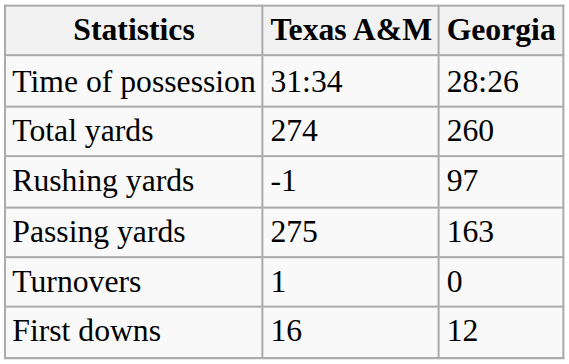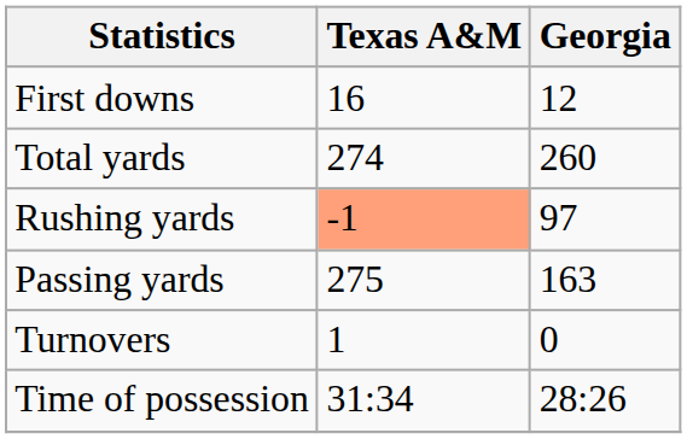 <table class="wikitable" style="float: left;">
 <tr>
 <th>Statistics</th>
 <th>Texas A&M</th>
 <th>Georgia</th>
 </tr>
 <tr>
-<td>Time of possession</td>
-<td>31:34</td>
-<td>28:26</td>
+<td>First downs</td>
+<td>16</td>
+<td>12</td>
 </tr>
 <tr>
 <td>Total yards</td>
 <td>274</td>
 <td>260</td>
 </tr>
 <tr>
 <td>Rushing yards</td>
-<td>-1</td>
+<td style="background: lightsalmon;">-1</td>
 <td>97</td>
 </tr>
 <tr>
 <td>Passing yards</td>
 <td>275</td>
 <td>163</td>
 </tr>
 <tr>
 <td>Turnovers</td>
 <td>1</td>
 <td>0</td>
 </tr>
 <tr>
-<td>First downs</td>
-<td>16</td>
-<td>12</td>
+<td>Time of possession</td>
+<td>31:34</td>
+<td>28:26</td>
 </tr>
 <tr>
 </tr>
 </table>
